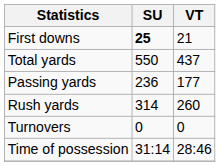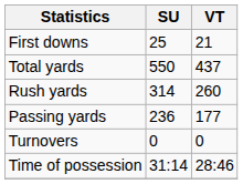 <table class="wikitable" style="float: left;">
 <tr>
 <th>Statistics</th>
 <th>SU</th>
 <th>VT</th>
 </tr>
 <tr>
 <td>First downs</td>
-<td><strong>25</strong></td>
+<td>25</td>
 <td>21</td>
 </tr>
 <tr>
 <td>Total yards</td>
 <td>550</td>
 <td>437</td>
 </tr>
 <tr>
+<td>Rush yards</td>
+<td>314</td>
+<td>260</td>
+</tr>
+<tr>
 <td>Passing yards</td>
 <td>236</td>
 <td>177</td>
-</tr>
-<tr>
-<td>Rush yards</td>
-<td>314</td>
-<td>260</td>
 </tr>
 <tr>
 <td>Turnovers</td>
 <td>0</td>
 <td>0</td>
 </tr>
 <tr>
 <td>Time of possession</td>
 <td>31:14</td>
 <td>28:46</td>
 </tr>
 <tr>
 </tr>
 </table>
